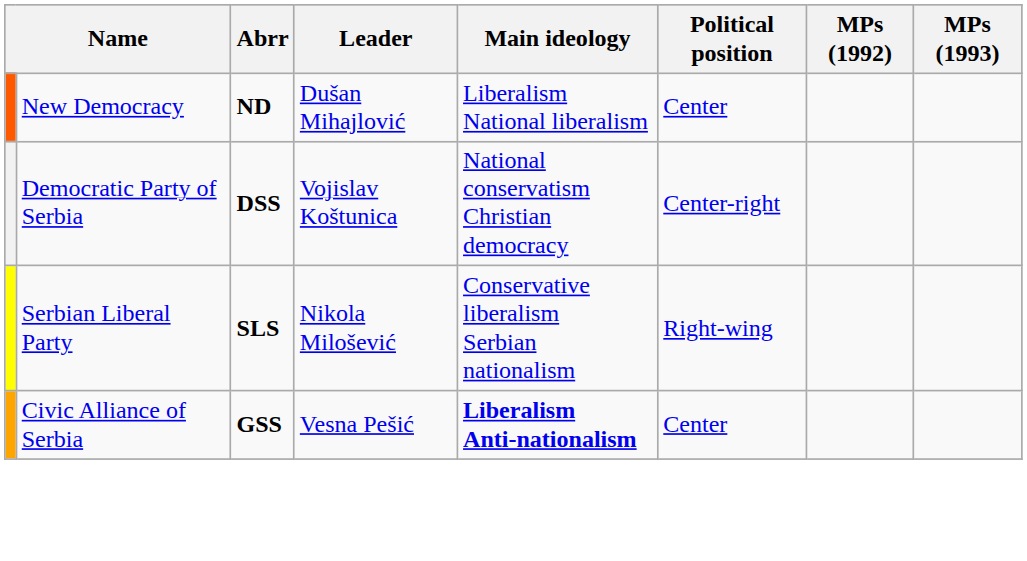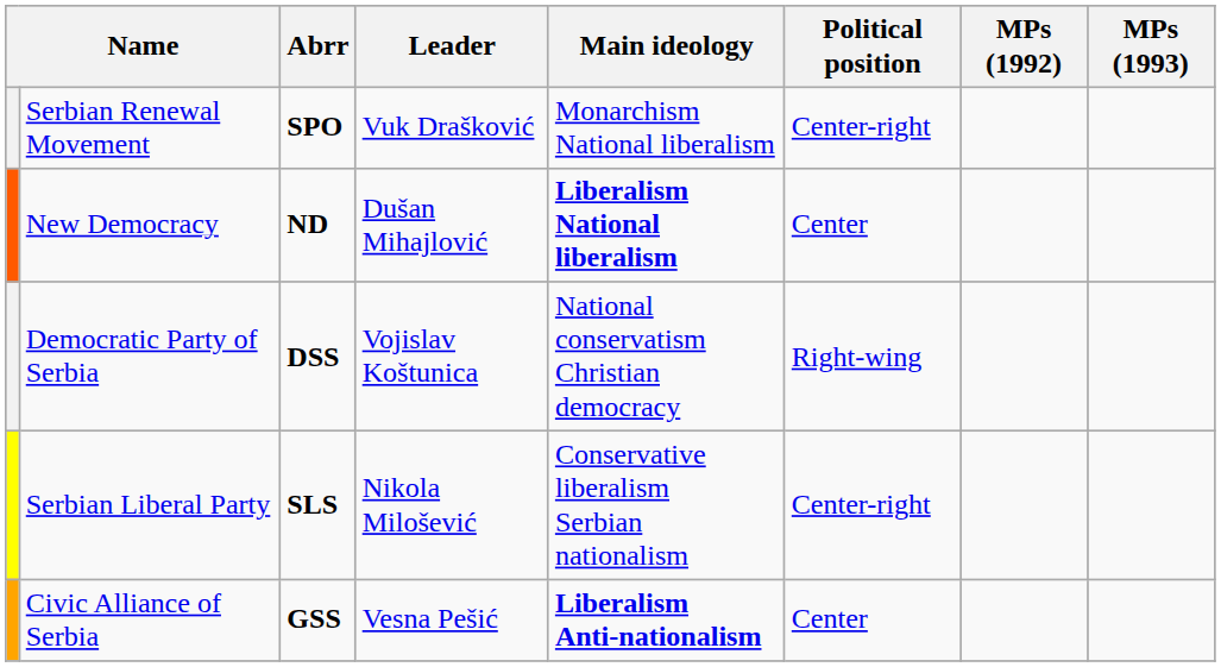 <table class="wikitable" style="font-size:90%">
 <tr>
 <th colspan="2">Name</th>
 <th>Abrr</th>
 <th>Leader</th>
 <th>Main ideology</th>
 <th>Political position</th>
 <th>MPs (1992)</th>
 <th>MPs (1993)</th>
 </tr>
 <tr>
+<th style="background-color:"></th>
+<td><a href='#'>Serbian Renewal Movement</a><br></td>
+<td><strong>SPO</strong></td>
+<td><a href='#'>Vuk Drašković</a></td>
+<td><a href='#'>Monarchism</a><br><a href='#'>National liberalism</a></td>
+<td><a href='#'>Center-right</a></td>
+<td></td>
+<td></td>
+</tr>
+<tr>
 <th style="background-color:#FF5900; color:white;"></th>
 <td><a href='#'>New Democracy</a><br></td>
 <td><strong>ND</strong></td>
 <td><a href='#'>Dušan Mihajlović</a></td>
-<td><a href='#'>Liberalism</a><br><a href='#'>National liberalism</a></td>
+<td><strong><a href='#'>Liberalism</a><br><a href='#'>National liberalism</a></strong></td>
 <td><a href='#'>Center</a></td>
 <td></td>
 <td></td>
 </tr>
 <tr>
 <th style="background-color:"></th>
 <td><a href='#'>Democratic Party of Serbia</a><br></td>
 <td><strong>DSS</strong></td>
 <td><a href='#'>Vojislav Koštunica</a></td>
 <td><a href='#'>National conservatism</a><br><a href='#'>Christian democracy</a></td>
-<td><a href='#'>Center-right</a></td>
+<td><a href='#'>Right-wing</a></td>
 <td></td>
 <td></td>
 </tr>
 <tr>
 <th style="background-color:yellow; color:white;"></th>
 <td><a href='#'>Serbian Liberal Party</a><br></td>
 <td><strong>SLS</strong></td>
 <td><a href='#'>Nikola Milošević</a></td>
 <td><a href='#'>Conservative liberalism</a><br><a href='#'>Serbian nationalism</a></td>
-<td><a href='#'>Right-wing</a></td>
+<td><a href='#'>Center-right</a></td>
 <td></td>
 <td></td>
 </tr>
 <tr>
 <th style="background-color:orange; color:white;"></th>
 <td><a href='#'>Civic Alliance of Serbia</a><br></td>
 <td><strong>GSS</strong></td>
 <td><a href='#'>Vesna Pešić</a></td>
 <td><strong><a href='#'>Liberalism</a><br><a href='#'>Anti-nationalism</a></strong></td>
 <td><a href='#'>Center</a></td>
 <td></td>
 <td></td>
 </tr>
 </table>
